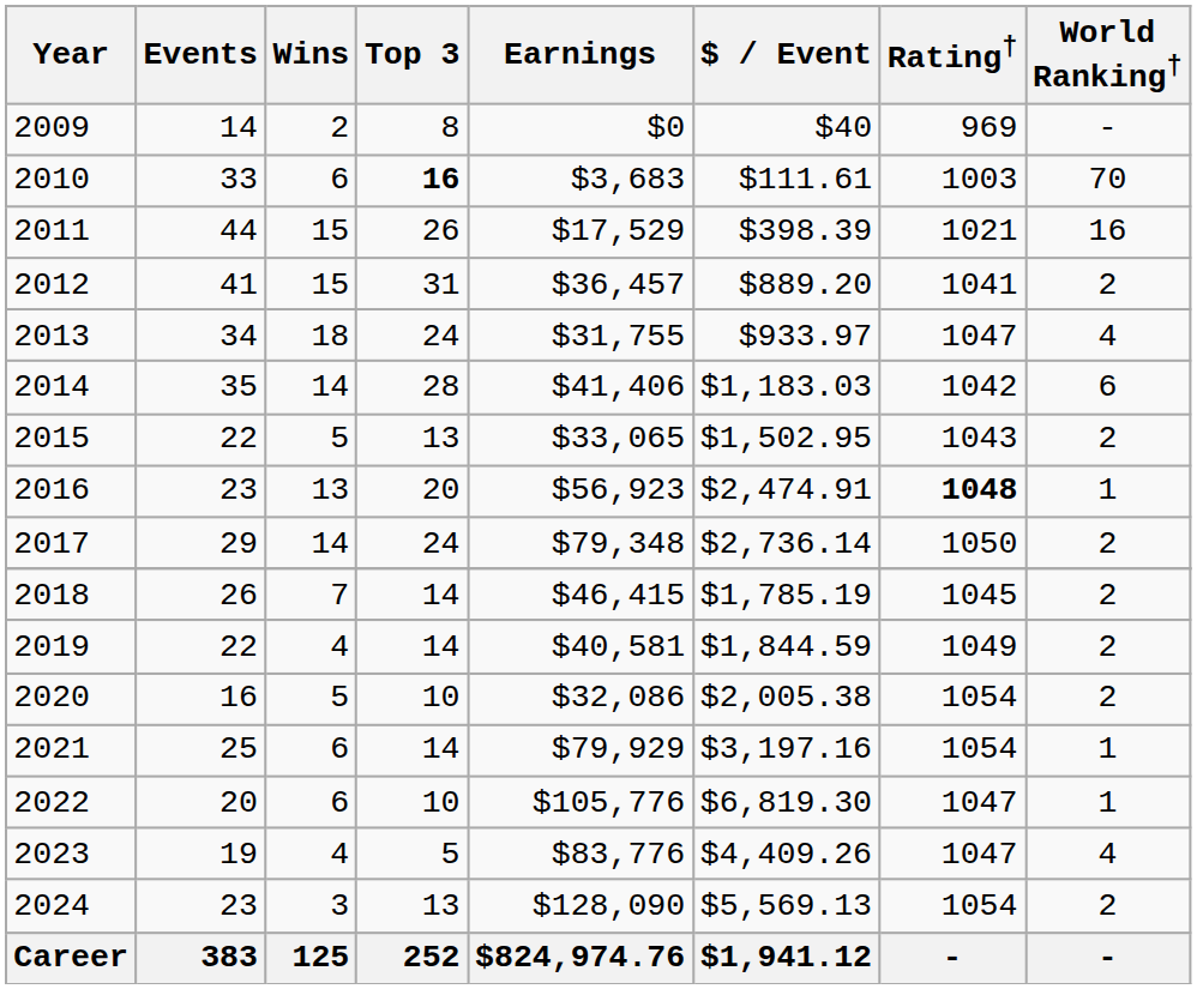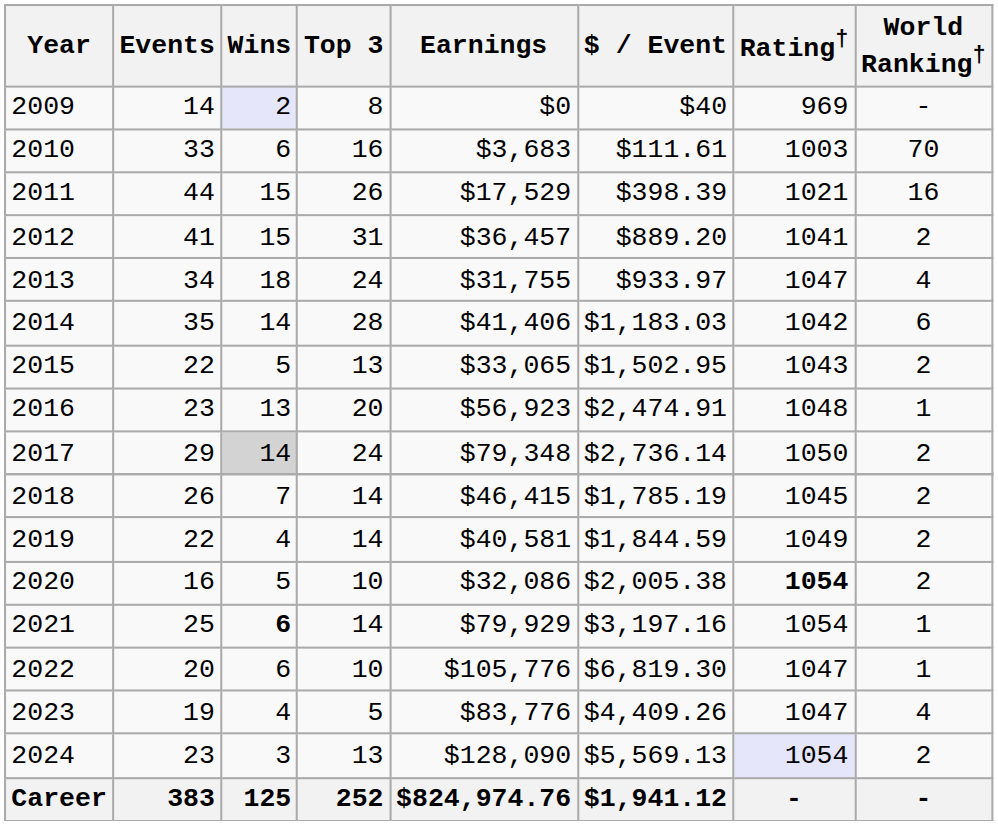 <table class="wikitable">
 <tr>
 <th>Year</th>
 <th>Events</th>
 <th>Wins</th>
 <th>Top 3</th>
 <th>Earnings</th>
 <th>$ / Event</th>
 <th>Rating<sup>†</sup></th>
 <th>World<br>Ranking<sup>†</sup></th>
 </tr>
 <tr>
 <td>2009</td>
 <td style="text-align:right;">14</td>
-<td style="text-align:right;">2</td>
+<td style="background: lavender; text-align:right;">2</td>
 <td style="text-align:right;">8</td>
 <td style="text-align:right;">$0</td>
 <td style="text-align:right;">$40</td>
 <td style="text-align:right;">969</td>
 <td align=center>-</td>
 </tr>
 <tr>
 <td>2010</td>
 <td style="text-align:right;">33</td>
 <td style="text-align:right;">6</td>
-<td style="text-align:right;"><strong>16</strong></td>
+<td style="text-align:right;">16</td>
 <td style="text-align:right;">$3,683</td>
 <td style="text-align:right;">$111.61</td>
 <td style="text-align:right;">1003</td>
 <td align=center>70</td>
 </tr>
 <tr>
 <td>2011</td>
 <td style="text-align:right;">44</td>
 <td style="text-align:right;">15</td>
 <td style="text-align:right;">26</td>
 <td style="text-align:right;">$17,529</td>
 <td style="text-align:right;">$398.39</td>
 <td style="text-align:right;">1021</td>
 <td align=center>16</td>
 </tr>
 <tr>
 <td>2012</td>
 <td style="text-align:right;">41</td>
 <td style="text-align:right;">15</td>
 <td style="text-align:right;">31</td>
 <td style="text-align:right;">$36,457</td>
 <td style="text-align:right;">$889.20</td>
 <td style="text-align:right;">1041</td>
 <td align=center>2</td>
 </tr>
 <tr>
 <td>2013</td>
 <td style="text-align:right;">34</td>
 <td style="text-align:right;">18</td>
 <td style="text-align:right;">24</td>
 <td style="text-align:right;">$31,755</td>
 <td style="text-align:right;">$933.97</td>
 <td style="text-align:right;">1047</td>
 <td align=center>4</td>
 </tr>
 <tr>
 <td>2014</td>
 <td style="text-align:right;">35</td>
 <td style="text-align:right;">14</td>
 <td style="text-align:right;">28</td>
 <td style="text-align:right;">$41,406</td>
 <td style="text-align:right;">$1,183.03</td>
 <td style="text-align:right;">1042</td>
 <td align=center>6</td>
 </tr>
 <tr>
 <td>2015</td>
 <td style="text-align:right;">22</td>
 <td style="text-align:right;">5</td>
 <td style="text-align:right;">13</td>
 <td style="text-align:right;">$33,065</td>
 <td style="text-align:right;">$1,502.95</td>
 <td style="text-align:right;">1043</td>
 <td align=center>2</td>
 </tr>
 <tr>
 <td>2016</td>
 <td style="text-align:right;">23</td>
 <td style="text-align:right;">13</td>
 <td style="text-align:right;">20</td>
 <td style="text-align:right;">$56,923</td>
 <td style="text-align:right;">$2,474.91</td>
-<td style="text-align:right;"><strong>1048</strong></td>
+<td style="text-align:right;">1048</td>
 <td align=center>1</td>
 </tr>
 <tr>
 <td>2017</td>
 <td style="text-align:right;">29</td>
-<td style="text-align:right;">14</td>
+<td style="background: lightgrey; text-align:right;">14</td>
 <td style="text-align:right;">24</td>
 <td style="text-align:right;">$79,348</td>
 <td style="text-align:right;">$2,736.14</td>
 <td style="text-align:right;">1050</td>
 <td align=center>2</td>
 </tr>
 <tr class="sortbottom">
 </tr>
 <tr>
 <td>2018</td>
 <td style="text-align:right;">26</td>
 <td style="text-align:right;">7</td>
 <td style="text-align:right;">14</td>
 <td style="text-align:right;">$46,415</td>
 <td style="text-align:right;">$1,785.19</td>
 <td style="text-align:right;">1045</td>
 <td align=center>2</td>
 </tr>
 <tr>
 <td>2019</td>
 <td style="text-align:right;">22</td>
 <td style="text-align:right;">4</td>
 <td style="text-align:right;">14</td>
 <td style="text-align:right;">$40,581</td>
 <td style="text-align:right;">$1,844.59</td>
 <td style="text-align:right;">1049</td>
 <td align=center>2</td>
 </tr>
 <tr>
 <td>2020</td>
 <td style="text-align:right;">16</td>
 <td style="text-align:right;">5</td>
 <td style="text-align:right;">10</td>
 <td style="text-align:right;">$32,086</td>
 <td style="text-align:right;">$2,005.38</td>
-<td style="text-align:right;">1054</td>
+<td style="text-align:right;"><strong>1054</strong></td>
 <td align=center>2</td>
 </tr>
 <tr>
 <td>2021</td>
 <td style="text-align:right;">25</td>
-<td style="text-align:right;">6</td>
+<td style="text-align:right;"><strong>6</strong></td>
 <td style="text-align:right;">14</td>
 <td style="text-align:right;">$79,929</td>
 <td style="text-align:right;">$3,197.16</td>
 <td style="text-align:right;">1054</td>
 <td align=center>1</td>
 </tr>
 <tr>
 <td>2022</td>
 <td style="text-align:right;">20</td>
 <td style="text-align:right;">6</td>
 <td style="text-align:right;">10</td>
 <td style="text-align:right;">$105,776</td>
 <td style="text-align:right;">$6,819.30</td>
 <td style="text-align:right;">1047</td>
 <td align=center>1</td>
 </tr>
 <tr>
 <td>2023</td>
 <td style="text-align:right;">19</td>
 <td style="text-align:right;">4</td>
 <td style="text-align:right;">5</td>
 <td style="text-align:right;">$83,776</td>
 <td style="text-align:right;">$4,409.26</td>
 <td style="text-align:right;">1047</td>
 <td align=center>4</td>
 </tr>
 <tr>
 <td>2024</td>
 <td style="text-align:right;">23</td>
 <td style="text-align:right;">3</td>
 <td style="text-align:right;">13</td>
 <td style="text-align:right;">$128,090</td>
 <td style="text-align:right;">$5,569.13</td>
-<td style="text-align:right;">1054</td>
+<td style="background: lavender; text-align:right;">1054</td>
 <td align=center>2</td>
 </tr>
 <tr>
 <th>Career</th>
 <th style="text-align:right;">383</th>
 <th style="text-align:right;">125</th>
 <th style="text-align:right;">252</th>
 <th style="text-align:right;">$824,974.76</th>
 <th style="text-align:right;">$1,941.12</th>
 <th>-</th>
 <th>-</th>
 </tr>
 </table>
